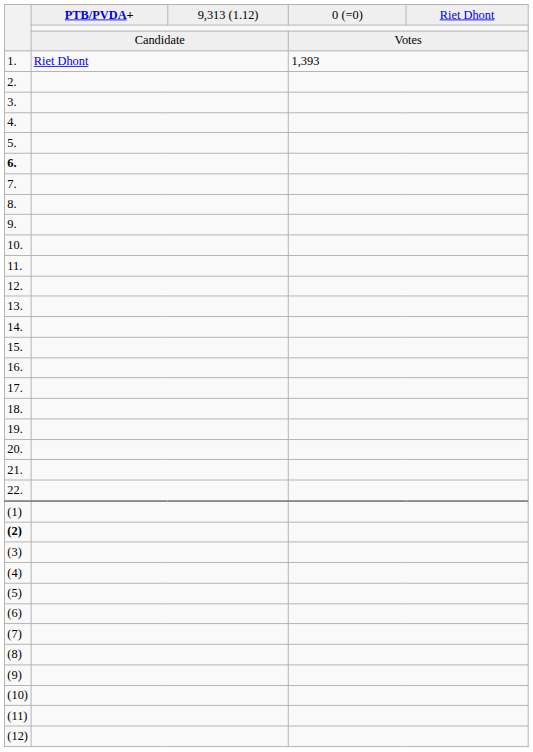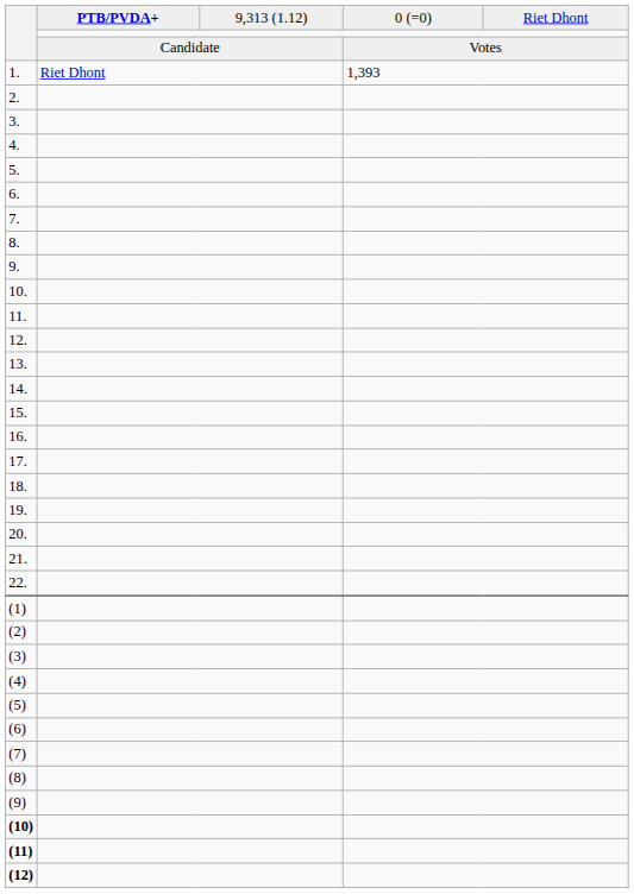 <table class="wikitable collapsible collapsed" style=text-align:left;font-size:90%>
 <tr>
 <th rowspan=3></th>
 <td bgcolor=efefef width=200 align=center><strong> <a href='#'>PTB/PVDA</a>+</strong></td>
 <td bgcolor=efefef width=200 align=center>9,313 (1.12)</td>
 <td bgcolor=efefef width=200 align=center>0 (=0)</td>
 <td bgcolor=efefef width=200 align=center><a href='#'>Riet Dhont</a></td>
 </tr>
 <tr>
 <td colspan=4 bgcolor=></td>
 </tr>
 <tr>
 <td bgcolor=efefef align=center colspan=2>Candidate</td>
 <td bgcolor=efefef align=center colspan=2>Votes</td>
 </tr>
 <tr>
 <td>1.</td>
 <td colspan=2><a href='#'>Riet Dhont</a></td>
 <td colspan=2>1,393</td>
 </tr>
 <tr>
 <td>2.</td>
 <td colspan=2></td>
 <td colspan=2></td>
 </tr>
 <tr>
 <td>3.</td>
 <td colspan=2></td>
 <td colspan=2></td>
 </tr>
 <tr>
 <td>4.</td>
 <td colspan=2></td>
 <td colspan=2></td>
 </tr>
 <tr>
 <td>5.</td>
 <td colspan=2></td>
 <td colspan=2></td>
 </tr>
 <tr>
-<td><strong>6.</strong></td>
+<td>6.</td>
 <td colspan=2></td>
 <td colspan=2></td>
 </tr>
 <tr>
 <td>7.</td>
 <td colspan=2></td>
 <td colspan=2></td>
 </tr>
 <tr>
 <td>8.</td>
 <td colspan=2></td>
 <td colspan=2></td>
 </tr>
 <tr>
 <td>9.</td>
 <td colspan=2></td>
 <td colspan=2></td>
 </tr>
 <tr>
 <td>10.</td>
 <td colspan=2></td>
 <td colspan=2></td>
 </tr>
 <tr>
 <td>11.</td>
 <td colspan=2></td>
 <td colspan=2></td>
 </tr>
 <tr>
 <td>12.</td>
 <td colspan=2></td>
 <td colspan=2></td>
 </tr>
 <tr>
 <td>13.</td>
 <td colspan=2></td>
 <td colspan=2></td>
 </tr>
 <tr>
 <td>14.</td>
 <td colspan=2></td>
 <td colspan=2></td>
 </tr>
 <tr>
 <td>15.</td>
 <td colspan=2></td>
 <td colspan=2></td>
 </tr>
 <tr>
 <td>16.</td>
 <td colspan=2></td>
 <td colspan=2></td>
 </tr>
 <tr>
 <td>17.</td>
 <td colspan=2></td>
 <td colspan=2></td>
 </tr>
 <tr>
 <td>18.</td>
 <td colspan=2></td>
 <td colspan=2></td>
 </tr>
 <tr>
 <td>19.</td>
 <td colspan=2></td>
 <td colspan=2></td>
 </tr>
 <tr>
 <td>20.</td>
 <td colspan=2></td>
 <td colspan=2></td>
 </tr>
 <tr>
 <td>21.</td>
 <td colspan=2></td>
 <td colspan=2></td>
 </tr>
 <tr>
 <td>22.</td>
 <td colspan=2></td>
 <td colspan=2></td>
 </tr>
 <tr style="border-top:2px solid gray;">
 <td>(1)</td>
 <td colspan=2></td>
 <td colspan=2></td>
 </tr>
 <tr>
-<td><strong>(2)</strong></td>
+<td>(2)</td>
 <td colspan=2></td>
 <td colspan=2></td>
 </tr>
 <tr>
 <td>(3)</td>
 <td colspan=2></td>
 <td colspan=2></td>
 </tr>
 <tr>
 <td>(4)</td>
 <td colspan=2></td>
 <td colspan=2></td>
 </tr>
 <tr>
 <td>(5)</td>
 <td colspan=2></td>
 <td colspan=2></td>
 </tr>
 <tr>
 <td>(6)</td>
 <td colspan=2></td>
 <td colspan=2></td>
 </tr>
 <tr>
 <td>(7)</td>
 <td colspan=2></td>
 <td colspan=2></td>
 </tr>
 <tr>
 <td>(8)</td>
 <td colspan=2></td>
 <td colspan=2></td>
 </tr>
 <tr>
 <td>(9)</td>
 <td colspan=2></td>
 <td colspan=2></td>
 </tr>
 <tr>
-<td>(10)</td>
+<td><strong>(10)</strong></td>
 <td colspan=2></td>
 <td colspan=2></td>
 </tr>
 <tr>
-<td>(11)</td>
+<td><strong>(11)</strong></td>
 <td colspan=2></td>
 <td colspan=2></td>
 </tr>
 <tr>
-<td>(12)</td>
+<td><strong>(12)</strong></td>
 <td colspan=2></td>
 <td colspan=2></td>
 </tr>
 </table>
